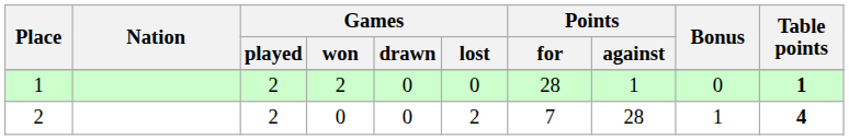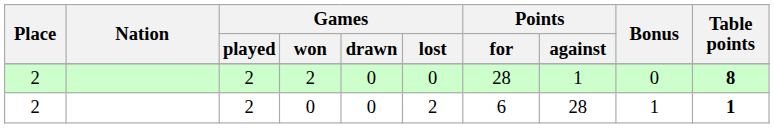 <table class="wikitable">
 <tr>
 <th rowspan=2 width="8%">Place</th>
 <th rowspan=2 width="20%">Nation</th>
 <th colspan=4 width="32%">Games</th>
 <th colspan=2 width="30%">Points</th>
 <th rowspan=2 width="10%">Bonus</th>
 <th rowspan=2 width="10%">Table<br>points</th>
 </tr>
 <tr>
 <th width="8%">played</th>
 <th width="8%">won</th>
 <th width="8%">drawn</th>
 <th width="8%">lost</th>
 <th width="10%">for</th>
 <th width="10%">against</th>
 </tr>
 <tr>
 </tr>
 <tr bgcolor=#ccffcc align=center>
-<td>1</td>
+<td>2</td>
 <td align=left></td>
 <td>2</td>
 <td>2</td>
 <td>0</td>
 <td>0</td>
 <td>28</td>
 <td>1</td>
 <td>0</td>
-<td><strong>1</strong></td>
+<td><strong>8</strong></td>
 </tr>
 <tr bgcolor=#ffffff align=center>
 <td>2</td>
 <td align=left></td>
 <td>2</td>
 <td>0</td>
 <td>0</td>
 <td>2</td>
-<td>7</td>
+<td>6</td>
 <td>28</td>
 <td>1</td>
-<td><strong>4</strong></td>
+<td><strong>1</strong></td>
 </tr>
 </table>
